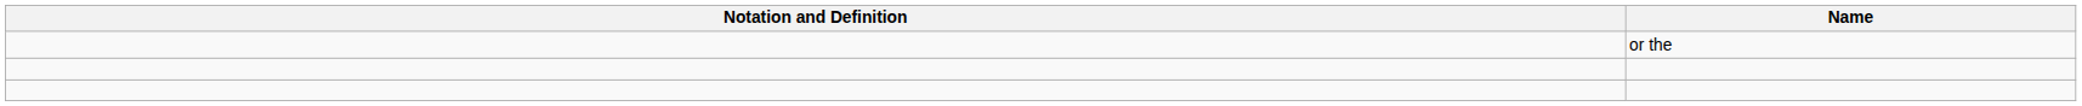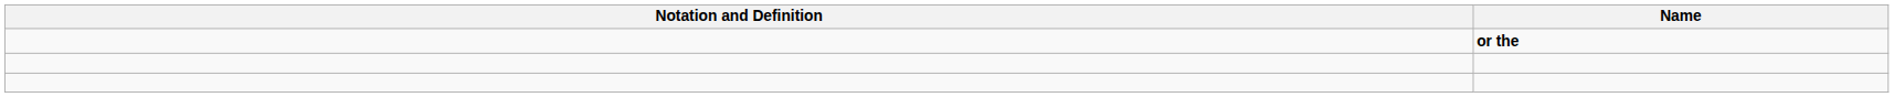 <table class="wikitable" style="width: 100%;">
 <tr>
 <th>Notation and Definition</th>
 <th>Name</th>
 </tr>
 <tr>
 <td style="padding:0.5% 0 0.5% 2em;"></td>
-<td> or the </td>
+<td><strong> or the </strong></td>
 </tr>
 <tr>
 <td style="padding:0.5% 0 0.5% 2em;"></td>
 <td></td>
 </tr>
 <tr>
 <td style="padding:0.5% 0 0.5% 2em;"></td>
 <td></td>
 </tr>
 </table>
